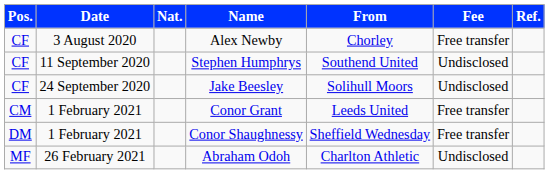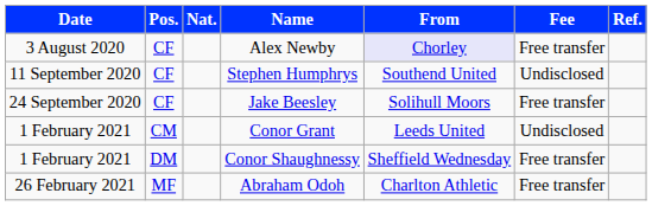 <table class="wikitable"  style="text-align:center; font-size:90%; ">
 <tr>
+<th style="background:#03f;color:#fff;">Date</th>
 <th style="background:#03f;color:#fff;">Pos.</th>
-<th style="background:#03f;color:#fff;">Date</th>
 <th style="background:#03f;color:#fff;">Nat.</th>
 <th style="background:#03f;color:#fff;">Name</th>
 <th style="background:#03f;color:#fff;">From</th>
 <th style="background:#03f;color:#fff;">Fee</th>
 <th style="background:#03f;color:#fff;">Ref.</th>
 </tr>
 <tr>
+<td>3 August 2020</td>
 <td><a href='#'>CF</a></td>
-<td>3 August 2020</td>
 <td></td>
 <td>Alex Newby</td>
-<td> <a href='#'>Chorley</a></td>
+<td style="background: lavender;"> <a href='#'>Chorley</a></td>
 <td>Free transfer</td>
 <td></td>
 </tr>
 <tr>
+<td>11 September 2020</td>
 <td><a href='#'>CF</a></td>
-<td>11 September 2020</td>
 <td></td>
 <td><a href='#'>Stephen Humphrys</a></td>
 <td> <a href='#'>Southend United</a></td>
 <td>Undisclosed</td>
 <td></td>
 </tr>
 <tr>
+<td>24 September 2020</td>
 <td><a href='#'>CF</a></td>
-<td>24 September 2020</td>
 <td></td>
 <td><a href='#'>Jake Beesley</a></td>
 <td> <a href='#'>Solihull Moors</a></td>
+<td>Free transfer</td>
+<td></td>
+</tr>
+<tr>
+<td>1 February 2021</td>
+<td><a href='#'>CM</a></td>
+<td></td>
+<td><a href='#'>Conor Grant</a></td>
+<td> <a href='#'>Leeds United</a></td>
 <td>Undisclosed</td>
 <td></td>
 </tr>
 <tr>
-<td><a href='#'>CM</a></td>
 <td>1 February 2021</td>
-<td></td>
-<td><a href='#'>Conor Grant</a></td>
-<td> <a href='#'>Leeds United</a></td>
-<td>Free transfer</td>
-<td></td>
-</tr>
-<tr>
 <td><a href='#'>DM</a></td>
-<td>1 February 2021</td>
 <td></td>
 <td><a href='#'>Conor Shaughnessy</a></td>
 <td> <a href='#'>Sheffield Wednesday</a></td>
 <td>Free transfer</td>
 <td></td>
 </tr>
 <tr>
+<td>26 February 2021</td>
 <td><a href='#'>MF</a></td>
-<td>26 February 2021</td>
 <td></td>
 <td><a href='#'>Abraham Odoh</a></td>
 <td> <a href='#'>Charlton Athletic</a></td>
-<td>Undisclosed</td>
+<td>Free transfer</td>
 <td></td>
 </tr>
 </table>
